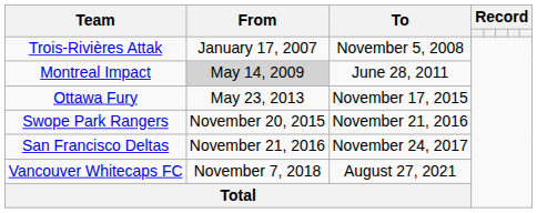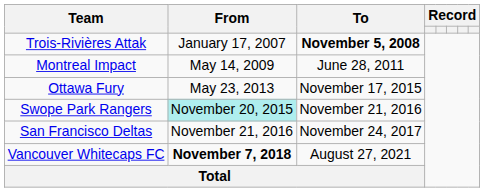 <table class="wikitable" style="text-align: center;">
 <tr>
 <th rowspan="2">Team</th>
 <th rowspan="2">From</th>
 <th rowspan="2">To</th>
 <th colspan="5">Record</th>
 </tr>
 <tr>
 <th></th>
 <th></th>
 <th></th>
 <th></th>
 <th></th>
 </tr>
 <tr>
 <td align=center><a href='#'>Trois-Rivières Attak</a></td>
 <td align=center>January 17, 2007</td>
-<td align=center>November 5, 2008<br></td>
+<td align=center><strong>November 5, 2008<br></strong></td>
 </tr>
 <tr>
 <td align=center><a href='#'>Montreal Impact</a></td>
-<td align=center style="background: lightgrey;">May 14, 2009</td>
+<td align=center>May 14, 2009</td>
 <td align=center>June 28, 2011<br></td>
 </tr>
 <tr>
 <td align=center><a href='#'>Ottawa Fury</a></td>
 <td align=center>May 23, 2013</td>
 <td align=center>November 17, 2015<br></td>
 </tr>
 <tr>
 <td align=center><a href='#'>Swope Park Rangers</a></td>
-<td align=center>November 20, 2015</td>
+<td align=center style="background: paleturquoise;">November 20, 2015</td>
 <td align=center>November 21, 2016<br></td>
 </tr>
 <tr>
 <td align=center><a href='#'>San Francisco Deltas</a></td>
 <td align=center>November 21, 2016</td>
 <td align=center>November 24, 2017<br></td>
 </tr>
 <tr>
 <td align=center><a href='#'>Vancouver Whitecaps FC</a></td>
-<td align=center>November 7, 2018</td>
+<td align=center><strong>November 7, 2018</strong></td>
 <td align=center>August 27, 2021<br></td>
 </tr>
 <tr>
 <th colspan="3">Total<br></th>
 </tr>
 </table>
